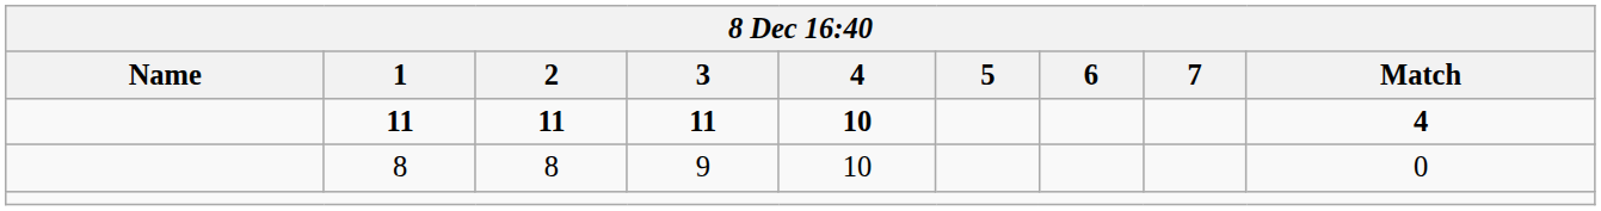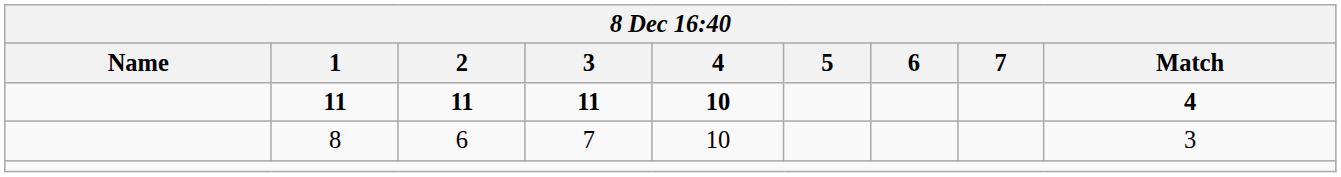 <table class=wikitable style="text-align:center; width: 55%">
 <tr>
 <th colspan=17><em> 8 Dec 16:40</em></th>
 </tr>
 <tr>
 <th>Name</th>
 <th>1</th>
 <th>2</th>
 <th>3</th>
 <th>4</th>
 <th>5</th>
 <th>6</th>
 <th>7</th>
 <th>Match</th>
 </tr>
 <tr>
 <td style="text-align:left;"><strong></strong></td>
 <td><strong>11</strong></td>
 <td><strong>11</strong></td>
 <td><strong>11</strong></td>
 <td><strong>10</strong></td>
 <td></td>
 <td></td>
 <td></td>
 <td><strong>4</strong></td>
 </tr>
 <tr>
 <td style="text-align:left;"></td>
 <td>8</td>
-<td>8</td>
-<td>9</td>
+<td>6</td>
+<td>7</td>
 <td>10</td>
 <td></td>
 <td></td>
 <td></td>
-<td>0</td>
+<td>3</td>
 </tr>
 <tr>
 <td colspan=17></td>
 </tr>
 </table>
